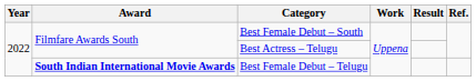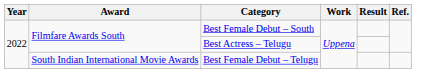 <table class="wikitable sortable plainrowheaders">
 <tr>
 <th>Year</th>
 <th>Award</th>
 <th>Category</th>
 <th>Work</th>
 <th>Result</th>
 <th>Ref.</th>
 </tr>
 <tr>
 <td rowspan="3">2022</td>
 <td rowspan="2"><a href='#'>Filmfare Awards South</a></td>
 <td><a href='#'>Best Female Debut – South</a></td>
 <td rowspan="3"><em><a href='#'>Uppena</a></em></td>
 <td></td>
 <td rowspan="2"></td>
 </tr>
 <tr>
 <td><a href='#'>Best Actress – Telugu</a></td>
 <td></td>
 </tr>
 <tr>
-<td><strong><a href='#'>South Indian International Movie Awards</a></strong></td>
+<td><a href='#'>South Indian International Movie Awards</a></td>
 <td><a href='#'>Best Female Debut – Telugu</a></td>
 <td></td>
 <td></td>
 </tr>
 </table>
